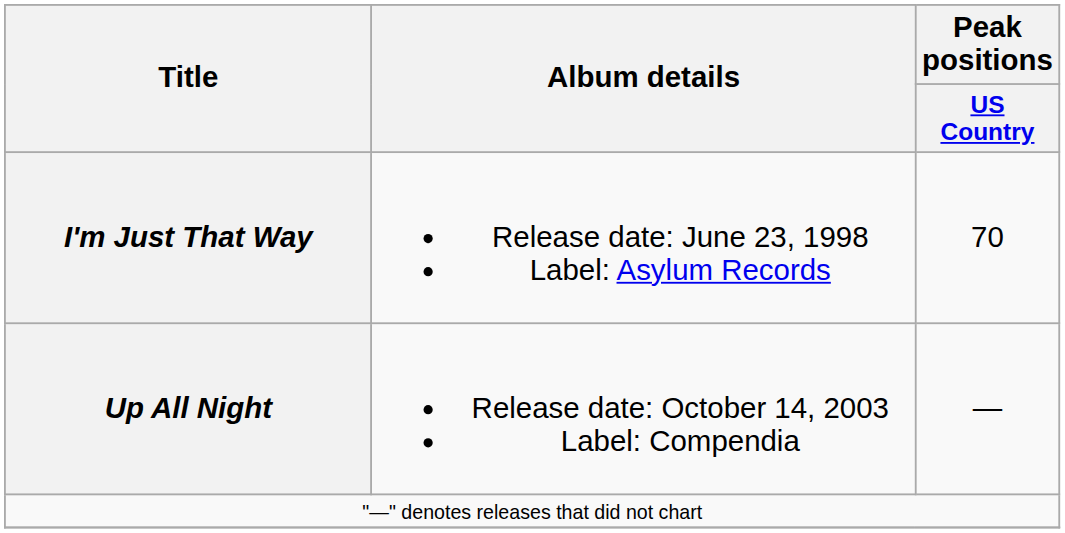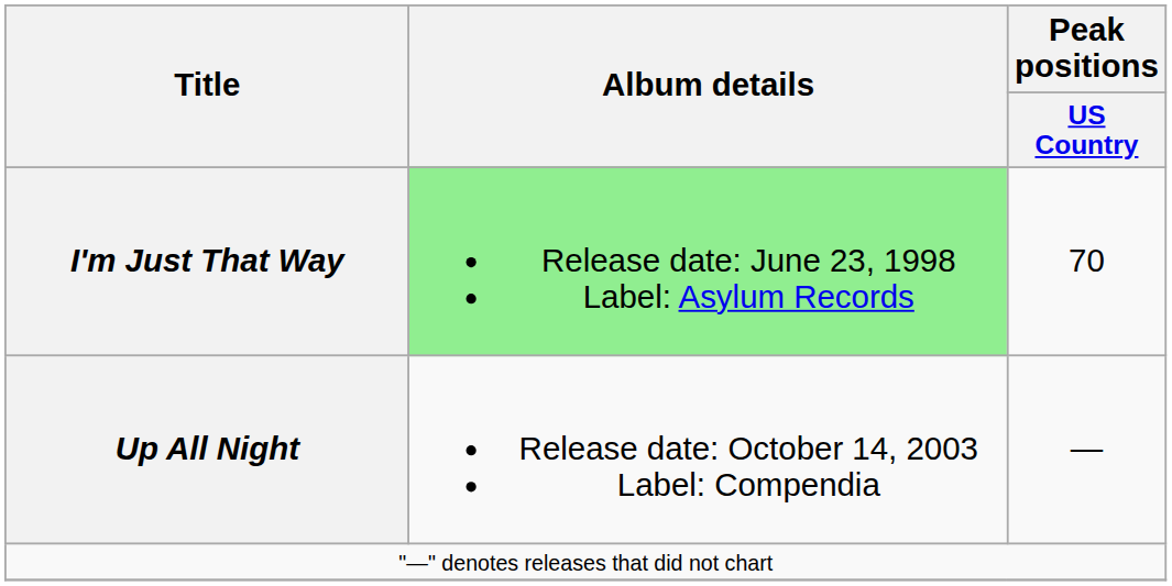 <table class="wikitable plainrowheaders" style="text-align:center;">
 <tr>
 <th rowspan="2" style="width:12em;">Title</th>
 <th rowspan="2" style="width:18em;">Album details</th>
 <th colspan="1">Peak positions</th>
 </tr>
 <tr style="font-size:smaller;">
 <th width="60"><a href='#'>US Country</a><br></th>
 </tr>
 <tr>
 <th scope="row"><em>I'm Just That Way</em></th>
-<td><br><ul><li>Release date: June 23, 1998</li><li>Label: <a href='#'>Asylum Records</a></li></ul></td>
+<td style="background: lightgreen;"><br><ul><li>Release date: June 23, 1998</li><li>Label: <a href='#'>Asylum Records</a></li></ul></td>
 <td>70</td>
 </tr>
 <tr>
 <th scope="row"><em>Up All Night</em></th>
 <td><br><ul><li>Release date: October 14, 2003</li><li>Label: Compendia</li></ul></td>
 <td>—</td>
 </tr>
 <tr>
 <td colspan="3" style="font-size:8pt">"—" denotes releases that did not chart</td>
 </tr>
 <tr>
 </tr>
 </table>
